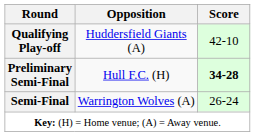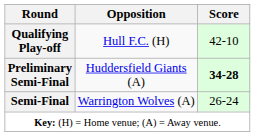 <table class="wikitable plainrowheaders" style="text-align:center;margin-left:1em;">
 <tr>
 <th width="25">Round</th>
 <th width="150">Opposition</th>
 <th width="60">Score</th>
 </tr>
 <tr>
 <th scope=row style="text-align:center">Qualifying Play-off</th>
-<td> <a href='#'>Huddersfield Giants</a> (A)</td>
+<td> <a href='#'>Hull F.C.</a> (H)</td>
 <td bgcolor=DDFFDD>42-10</td>
 </tr>
 <tr>
 <th scope=row style="text-align:center">Preliminary Semi-Final</th>
-<td> <a href='#'>Hull F.C.</a> (H)</td>
+<td> <a href='#'>Huddersfield Giants</a> (A)</td>
 <td bgcolor=DDFFDD><strong>34-28</strong></td>
 </tr>
 <tr>
 <th scope=row style="text-align:center">Semi-Final</th>
 <td> <a href='#'>Warrington Wolves</a> (A)</td>
 <td bgcolor=DDFFDD>26-24</td>
 </tr>
 <tr>
 <td colspan="3" style="background-color:white;"><small><strong>Key:</strong> (H) = Home venue; (A) = Away venue.</small></td>
 </tr>
 </table>
